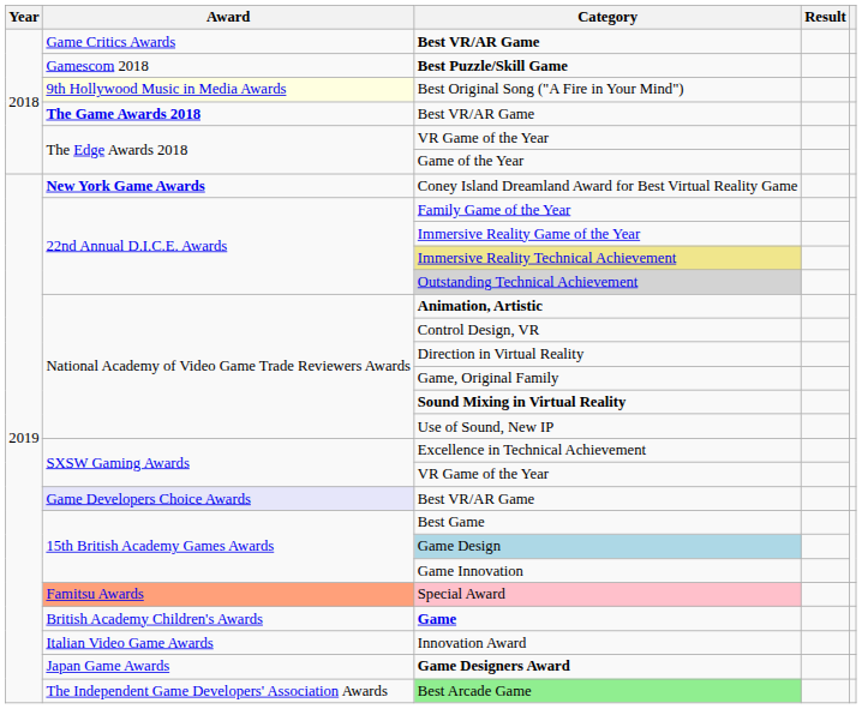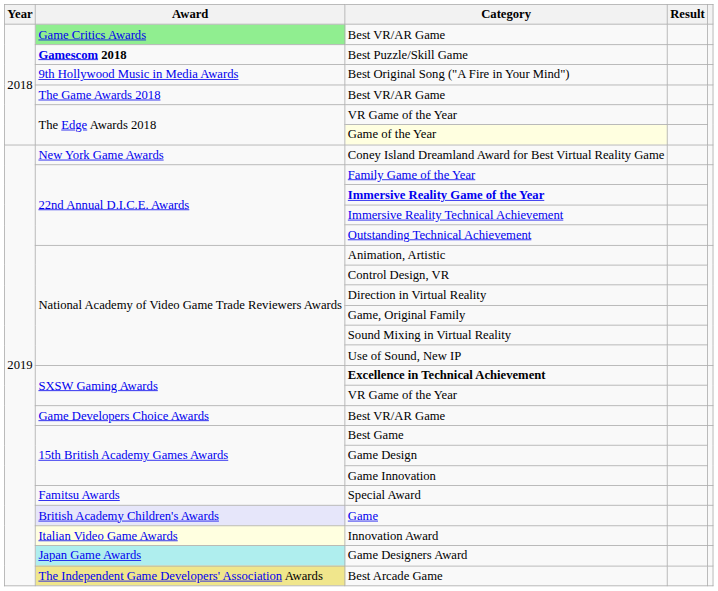 <table class="wikitable sortable">
 <tr>
 <th>Year</th>
 <th>Award</th>
 <th>Category</th>
 <th>Result</th>
 <th></th>
 </tr>
 <tr>
 <td style="text-align:center;" rowspan="6">2018</td>
-<td><a href='#'>Game Critics Awards</a></td>
-<td><strong>Best VR/AR Game</strong></td>
+<td style="background: lightgreen;"><a href='#'>Game Critics Awards</a></td>
+<td>Best VR/AR Game</td>
 <td></td>
 <td style="text-align:center;"></td>
 </tr>
 <tr>
-<td><a href='#'>Gamescom</a> 2018</td>
-<td><strong>Best Puzzle/Skill Game</strong></td>
+<td><strong><a href='#'>Gamescom</a> 2018</strong></td>
+<td>Best Puzzle/Skill Game</td>
 <td></td>
 <td style="text-align:center;"></td>
 </tr>
 <tr>
-<td style="background: lightyellow;"><a href='#'>9th Hollywood Music in Media Awards</a></td>
+<td><a href='#'>9th Hollywood Music in Media Awards</a></td>
 <td>Best Original Song ("A Fire in Your Mind")</td>
 <td></td>
 <td style="text-align:center;"></td>
 </tr>
 <tr>
-<td><strong><a href='#'>The Game Awards 2018</a></strong></td>
+<td><a href='#'>The Game Awards 2018</a></td>
 <td>Best VR/AR Game</td>
 <td></td>
 <td style="text-align:center;"></td>
 </tr>
 <tr>
 <td rowspan="2">The <a href='#'>Edge</a> Awards 2018</td>
 <td>VR Game of the Year</td>
 <td></td>
 <td rowspan="2" style="text-align:center;"></td>
 </tr>
 <tr>
-<td>Game of the Year</td>
+<td style="background: lightyellow;">Game of the Year</td>
 <td></td>
 </tr>
 <tr>
 <td style="text-align:center;" rowspan="22">2019</td>
-<td><strong><a href='#'>New York Game Awards</a></strong></td>
+<td><a href='#'>New York Game Awards</a></td>
 <td>Coney Island Dreamland Award for Best Virtual Reality Game</td>
 <td></td>
 <td style="text-align:center;"></td>
 </tr>
 <tr>
 <td rowspan="4"><a href='#'>22nd Annual D.I.C.E. Awards</a></td>
 <td><a href='#'>Family Game of the Year</a></td>
 <td></td>
 <td rowspan="4" style="text-align:center;"></td>
 </tr>
 <tr>
-<td><a href='#'>Immersive Reality Game of the Year</a></td>
+<td><strong><a href='#'>Immersive Reality Game of the Year</a></strong></td>
 <td></td>
 </tr>
 <tr>
-<td style="background: khaki;"><a href='#'>Immersive Reality Technical Achievement</a></td>
+<td><a href='#'>Immersive Reality Technical Achievement</a></td>
 <td></td>
 </tr>
 <tr>
-<td style="background: lightgrey;"><a href='#'>Outstanding Technical Achievement</a></td>
+<td><a href='#'>Outstanding Technical Achievement</a></td>
 <td></td>
 </tr>
 <tr>
 <td rowspan="6">National Academy of Video Game Trade Reviewers Awards</td>
-<td><strong>Animation, Artistic</strong></td>
+<td>Animation, Artistic</td>
 <td></td>
 <td rowspan="6" style="text-align:center;"></td>
 </tr>
 <tr>
 <td>Control Design, VR</td>
 <td></td>
 </tr>
 <tr>
 <td>Direction in Virtual Reality</td>
 <td></td>
 </tr>
 <tr>
 <td>Game, Original Family</td>
 <td></td>
 </tr>
 <tr>
-<td><strong>Sound Mixing in Virtual Reality</strong></td>
+<td>Sound Mixing in Virtual Reality</td>
 <td></td>
 </tr>
 <tr>
 <td>Use of Sound, New IP</td>
 <td></td>
 </tr>
 <tr>
 <td rowspan="2"><a href='#'>SXSW Gaming Awards</a></td>
-<td>Excellence in Technical Achievement</td>
+<td><strong>Excellence in Technical Achievement</strong></td>
 <td></td>
 <td rowspan="2" style="text-align:center;"></td>
 </tr>
 <tr>
 <td>VR Game of the Year</td>
 <td></td>
 </tr>
 <tr>
-<td style="background: lavender;"><a href='#'>Game Developers Choice Awards</a></td>
+<td><a href='#'>Game Developers Choice Awards</a></td>
 <td>Best VR/AR Game</td>
 <td></td>
 <td style="text-align:center;"></td>
 </tr>
 <tr>
 <td rowspan="3"><a href='#'>15th British Academy Games Awards</a></td>
 <td>Best Game</td>
 <td></td>
 <td rowspan="3" style="text-align:center;"></td>
 </tr>
 <tr>
-<td style="background: lightblue;">Game Design</td>
+<td>Game Design</td>
 <td></td>
 </tr>
 <tr>
 <td>Game Innovation</td>
 <td></td>
 </tr>
 <tr>
-<td style="background: lightsalmon;"><a href='#'>Famitsu Awards</a></td>
-<td style="background: pink;">Special Award</td>
+<td><a href='#'>Famitsu Awards</a></td>
+<td>Special Award</td>
 <td></td>
 <td style="text-align:center;"></td>
 </tr>
 <tr>
-<td><a href='#'>British Academy Children's Awards</a></td>
-<td><strong><a href='#'>Game</a></strong></td>
+<td style="background: lavender;"><a href='#'>British Academy Children's Awards</a></td>
+<td><a href='#'>Game</a></td>
 <td></td>
 <td align="center"></td>
 </tr>
 <tr>
-<td><a href='#'>Italian Video Game Awards</a></td>
+<td style="background: lightyellow;"><a href='#'>Italian Video Game Awards</a></td>
 <td>Innovation Award</td>
 <td></td>
 <td style="text-align:center;"></td>
 </tr>
 <tr>
-<td><a href='#'>Japan Game Awards</a></td>
-<td><strong>Game Designers Award</strong></td>
+<td style="background: paleturquoise;"><a href='#'>Japan Game Awards</a></td>
+<td>Game Designers Award</td>
 <td></td>
 <td style="text-align:center;"></td>
 </tr>
 <tr>
-<td><a href='#'>The Independent Game Developers' Association</a> Awards</td>
-<td style="background: lightgreen;">Best Arcade Game</td>
+<td style="background: khaki;"><a href='#'>The Independent Game Developers' Association</a> Awards</td>
+<td>Best Arcade Game</td>
 <td></td>
 <td style="text-align:center;"></td>
 </tr>
 </table>
